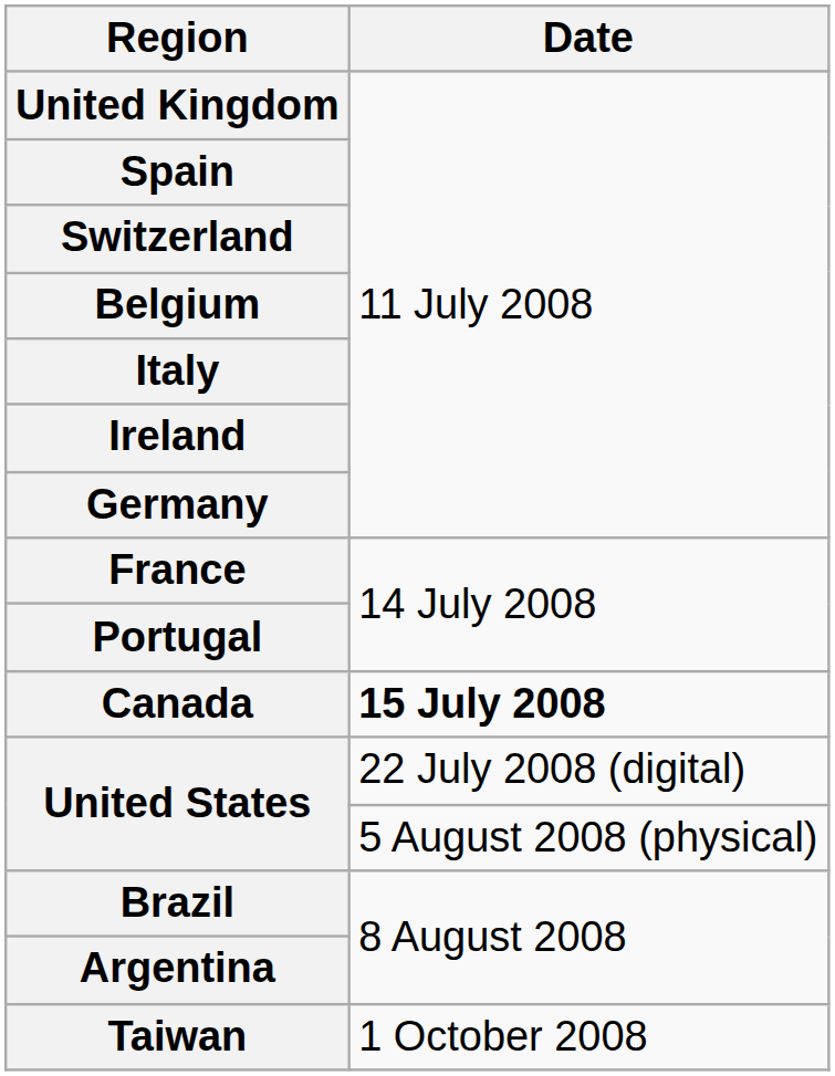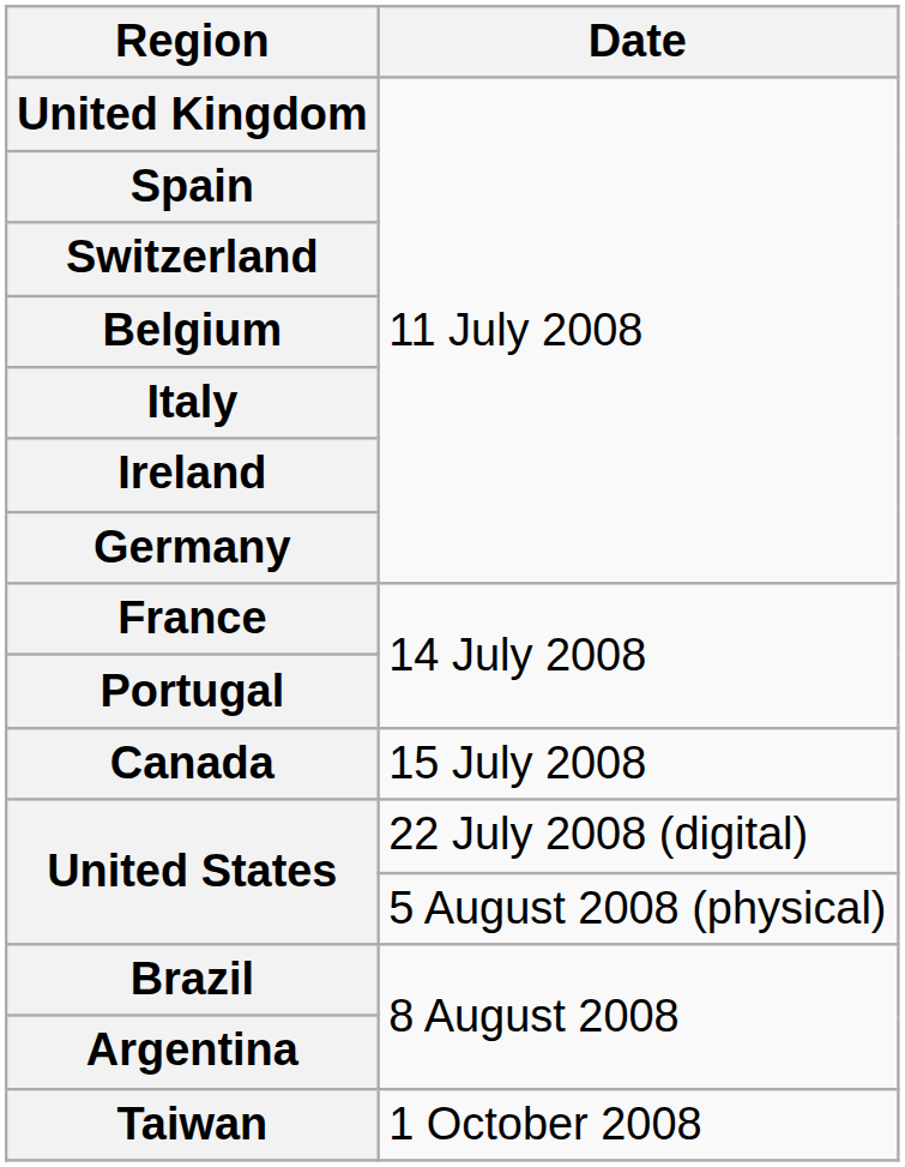 <table class="wikitable plainrowheaders">
 <tr>
 <th scope="col">Region</th>
 <th scope="col">Date</th>
 </tr>
 <tr>
 <th scope="row">United Kingdom</th>
 <td rowspan="7">11 July 2008</td>
 </tr>
 <tr>
 <th scope="row">Spain</th>
 </tr>
 <tr>
 <th scope="row">Switzerland</th>
 </tr>
 <tr>
 <th scope="row">Belgium</th>
 </tr>
 <tr>
 <th scope="row">Italy</th>
 </tr>
 <tr>
 <th scope="row">Ireland</th>
 </tr>
 <tr>
 <th scope="row">Germany</th>
 </tr>
 <tr>
 <th scope="row">France</th>
 <td rowspan="2">14 July 2008</td>
 </tr>
 <tr>
 <th scope="row">Portugal</th>
 </tr>
 <tr>
 <th scope="row">Canada</th>
-<td><strong>15 July 2008</strong></td>
+<td>15 July 2008</td>
 </tr>
 <tr>
 <th scope="row" rowspan="2">United States</th>
 <td>22 July 2008 (digital)</td>
 </tr>
 <tr>
 <td>5 August 2008 (physical)</td>
 </tr>
 <tr>
 <th scope="row">Brazil</th>
 <td rowspan="2">8 August 2008</td>
 </tr>
 <tr>
 <th scope="row">Argentina</th>
 </tr>
 <tr>
 <th scope="row">Taiwan</th>
 <td>1 October 2008</td>
 </tr>
 </table>
